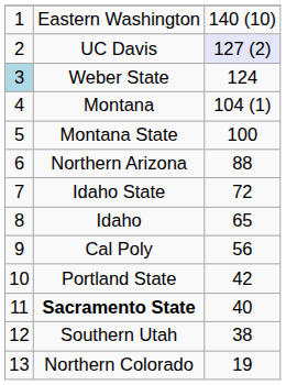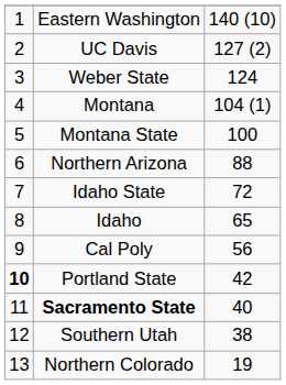 <table class="wikitable" style="display: inline-table;">
 <tr align="center">
 </tr>
 <tr align="center">
 <td>1</td>
 <td>Eastern Washington</td>
 <td>140 (10)</td>
 </tr>
 <tr align="center">
 <td>2</td>
 <td>UC Davis</td>
-<td style="background: lavender;">127 (2)</td>
+<td>127 (2)</td>
 </tr>
 <tr align="center">
-<td style="background: lightblue;">3</td>
+<td>3</td>
 <td>Weber State</td>
 <td>124</td>
 </tr>
 <tr align="center">
 <td>4</td>
 <td>Montana</td>
 <td>104 (1)</td>
 </tr>
 <tr align="center">
 <td>5</td>
 <td>Montana State</td>
 <td>100</td>
 </tr>
 <tr align="center">
 <td>6</td>
 <td>Northern Arizona</td>
 <td>88</td>
 </tr>
 <tr align="center">
 <td>7</td>
 <td>Idaho State</td>
 <td>72</td>
 </tr>
 <tr align="center">
 <td>8</td>
 <td>Idaho</td>
 <td>65</td>
 </tr>
 <tr align="center">
 <td>9</td>
 <td>Cal Poly</td>
 <td>56</td>
 </tr>
 <tr align="center">
-<td>10</td>
+<td><strong>10</strong></td>
 <td>Portland State</td>
 <td>42</td>
 </tr>
 <tr align="center">
 <td>11</td>
 <td><strong>Sacramento State</strong></td>
 <td>40</td>
 </tr>
 <tr align="center">
 <td>12</td>
 <td>Southern Utah</td>
 <td>38</td>
 </tr>
 <tr align="center">
 <td>13</td>
 <td>Northern Colorado</td>
 <td>19</td>
 </tr>
 </table>
